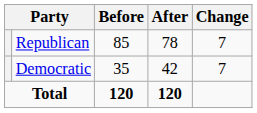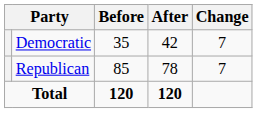 <table class="wikitable" style="text-align:center;">
 <tr>
 <th colspan="2">Party</th>
 <th>Before</th>
 <th>After</th>
 <th>Change</th>
 </tr>
 <tr>
 <th style="background-color:"></th>
-<td style="text-align:left;"><a href='#'>Republican</a></td>
-<td>85</td>
-<td>78</td>
+<td style="text-align:left;"><a href='#'>Democratic</a></td>
+<td>35</td>
+<td>42</td>
 <td> 7</td>
 </tr>
 <tr>
 <th style="background-color:"></th>
-<td style="text-align:left;"><a href='#'>Democratic</a></td>
-<td>35</td>
-<td>42</td>
+<td style="text-align:left;"><a href='#'>Republican</a></td>
+<td>85</td>
+<td>78</td>
 <td> 7</td>
 </tr>
 <tr>
 <td colspan="2"><strong>Total</strong></td>
 <td><strong>120</strong></td>
 <td><strong>120</strong></td>
 <td></td>
 </tr>
 </table>
